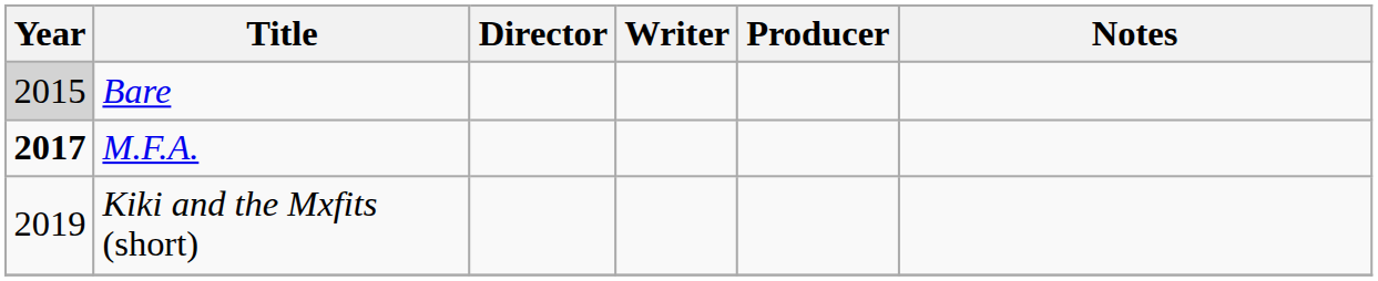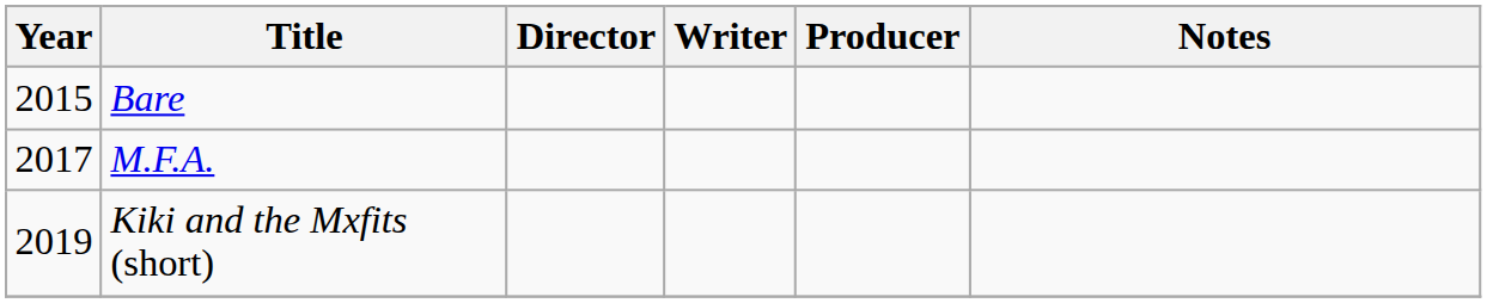 <table class="wikitable sortable">
 <tr>
 <th style="width:1em;">Year</th>
 <th style="width:18em;">Title</th>
 <th>Director</th>
 <th>Writer</th>
 <th>Producer</th>
 <th style="width:24em;" class="unsortable">Notes</th>
 </tr>
 <tr>
-<td style="background: lightgrey;">2015</td>
+<td>2015</td>
 <td><em><a href='#'>Bare</a></em></td>
 <td></td>
 <td></td>
 <td></td>
 <td></td>
 </tr>
 <tr>
-<td><strong>2017</strong></td>
+<td>2017</td>
 <td><em><a href='#'>M.F.A.</a></em></td>
 <td></td>
 <td></td>
 <td></td>
 <td></td>
 </tr>
 <tr>
 <td>2019</td>
 <td><em>Kiki and the Mxfits</em> (short)</td>
 <td></td>
 <td></td>
 <td></td>
 <td></td>
 </tr>
 <tr>
 </tr>
 </table>
